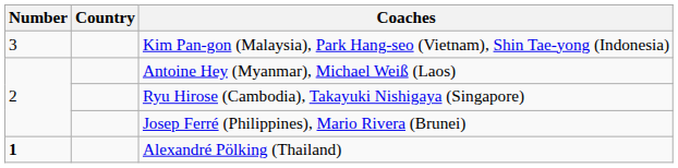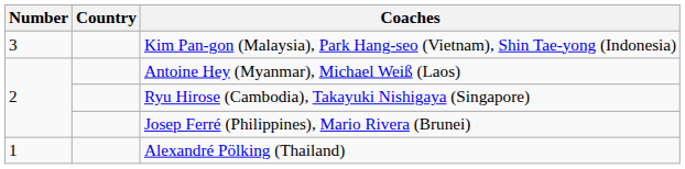 <table class="wikitable">
 <tr>
 <th>Number</th>
 <th>Country</th>
 <th>Coaches</th>
 </tr>
 <tr>
 <td rowspan="1">3</td>
 <td></td>
 <td><a href='#'>Kim Pan-gon</a> (Malaysia), <a href='#'>Park Hang-seo</a> (Vietnam), <a href='#'>Shin Tae-yong</a> (Indonesia)</td>
 </tr>
 <tr>
 <td rowspan="3">2</td>
 <td></td>
 <td><a href='#'>Antoine Hey</a> (Myanmar), <a href='#'>Michael Weiß</a> (Laos)</td>
 </tr>
 <tr>
 <td></td>
 <td><a href='#'>Ryu Hirose</a> (Cambodia), <a href='#'>Takayuki Nishigaya</a> (Singapore)</td>
 </tr>
 <tr>
 <td></td>
 <td><a href='#'>Josep Ferré</a> (Philippines), <a href='#'>Mario Rivera</a> (Brunei)</td>
 </tr>
 <tr>
-<td><strong>1</strong></td>
+<td>1</td>
 <td></td>
 <td><a href='#'>Alexandré Pölking</a> (Thailand)</td>
 </tr>
 </table>
